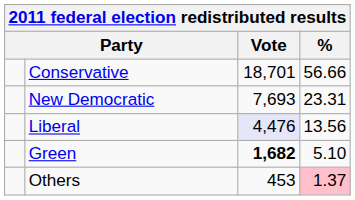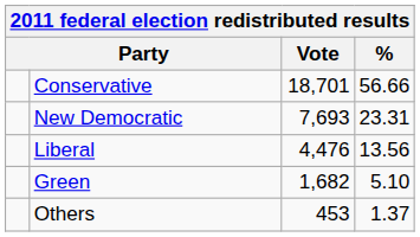 <table class="wikitable">
 <tr>
 <th colspan="4"><a href='#'>2011 federal election</a> redistributed results</th>
 </tr>
 <tr>
 <th bgcolor="#DDDDFF" width="130px" colspan="2">Party</th>
 <th bgcolor="#DDDDFF" width="50px">Vote</th>
 <th bgcolor="#DDDDFF" width="30px">%</th>
 </tr>
 <tr>
 <td> </td>
 <td><a href='#'>Conservative</a></td>
 <td align=right>18,701</td>
 <td align=right>56.66</td>
 </tr>
 <tr>
 <td> </td>
 <td><a href='#'>New Democratic</a></td>
 <td align=right>7,693</td>
 <td align=right>23.31</td>
 </tr>
 <tr>
 <td> </td>
 <td><a href='#'>Liberal</a></td>
-<td align=right style="background: lavender;">4,476</td>
+<td align=right>4,476</td>
 <td align=right>13.56</td>
 </tr>
 <tr>
 <td> </td>
 <td><a href='#'>Green</a></td>
-<td align=right><strong>1,682</strong></td>
+<td align=right>1,682</td>
 <td align=right>5.10</td>
 </tr>
 <tr>
 <td> </td>
 <td>Others</td>
 <td align=right>453</td>
-<td align=right style="background: pink;">1.37</td>
+<td align=right>1.37</td>
 </tr>
 </table>
